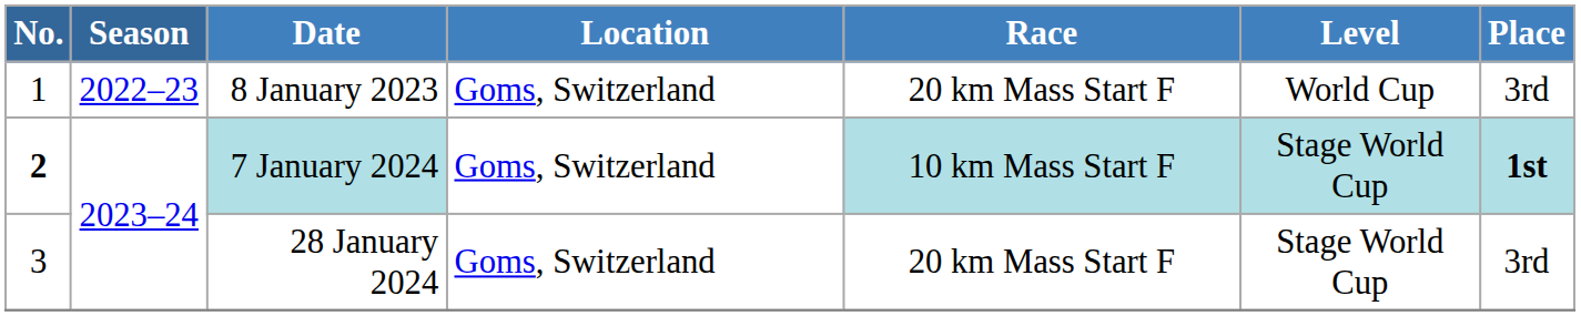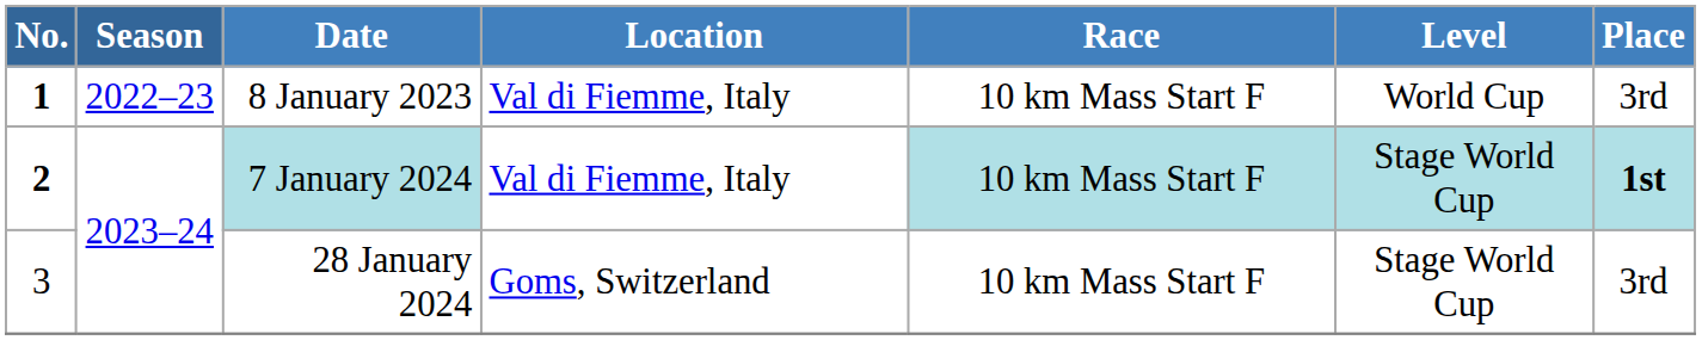 <table class="wikitable sortable" style="font-size:95%; text-align:center; border:grey solid 1px; border-collapse:collapse; background:#ffffff;">
 <tr style="background:#efefef;">
 <th style="background-color:#369; color:white;">No.</th>
 <th style="background-color:#369; color:white;">Season</th>
 <th style="background-color:#4180be; color:white; width:100px;">Date</th>
 <th style="background-color:#4180be; color:white; width:170px;">Location</th>
 <th style="background-color:#4180be; color:white; width:170px;">Race</th>
 <th style="background-color:#4180be; color:white; width:100px;">Level</th>
 <th style="background-color:#4180be; color:white;">Place</th>
 </tr>
 <tr>
-<td align=center>1</td>
+<td align=center><strong>1</strong></td>
 <td align=center rowspan=1><a href='#'>2022–23</a></td>
 <td align=right>8 January 2023</td>
-<td align=left> <a href='#'>Goms</a>, Switzerland</td>
-<td>20 km Mass Start F</td>
+<td align=left> <a href='#'>Val di Fiemme</a>, Italy</td>
+<td>10 km Mass Start F</td>
 <td>World Cup</td>
 <td>3rd</td>
 </tr>
 <tr>
 <td align=center><strong>2</strong></td>
 <td align=center rowspan=2><a href='#'>2023–24</a></td>
 <td align=right bgcolor="#BOEOE6">7 January 2024</td>
-<td align=left> <a href='#'>Goms</a>, Switzerland</td>
+<td align=left> <a href='#'>Val di Fiemme</a>, Italy</td>
 <td bgcolor="#BOEOE6">10 km Mass Start F</td>
 <td bgcolor="#BOEOE6">Stage World Cup</td>
 <td bgcolor="#BOEOE6"><strong>1st</strong></td>
 </tr>
 <tr>
 <td align=center>3</td>
 <td align=right>28 January 2024</td>
 <td align=left> <a href='#'>Goms</a>, Switzerland</td>
-<td>20 km Mass Start F</td>
+<td>10 km Mass Start F</td>
 <td>Stage World Cup</td>
 <td>3rd</td>
 </tr>
 <tr>
 </tr>
 </table>
